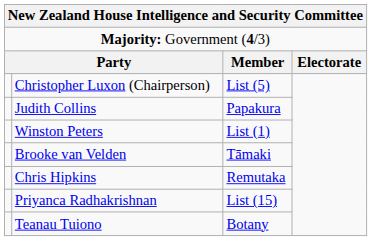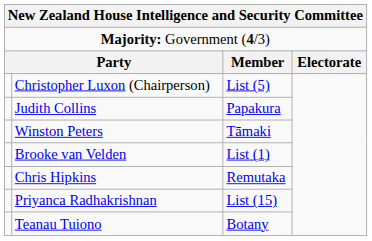 <table class="wikitable">
 <tr>
 <th colspan="4">New Zealand House Intelligence and Security Committee</th>
 </tr>
 <tr>
 <td colspan="4" style="text-align:center; background:"><strong>Majority:</strong> Government (<strong>4</strong>/3)</td>
 </tr>
 <tr>
 <th colspan="2">Party</th>
 <th>Member</th>
 <th>Electorate</th>
 </tr>
 <tr>
 <td></td>
 <td><a href='#'>Christopher Luxon</a> (Chairperson)</td>
 <td><a href='#'>List (5)</a></td>
 </tr>
 <tr>
 <td></td>
 <td><a href='#'>Judith Collins</a></td>
 <td><a href='#'>Papakura</a></td>
 </tr>
 <tr>
 <td></td>
 <td><a href='#'>Winston Peters</a></td>
-<td><a href='#'>List (1)</a></td>
+<td><a href='#'>Tāmaki</a></td>
 </tr>
 <tr>
 <td></td>
 <td><a href='#'>Brooke van Velden</a></td>
-<td><a href='#'>Tāmaki</a></td>
+<td><a href='#'>List (1)</a></td>
 </tr>
 <tr>
 <td></td>
 <td><a href='#'>Chris Hipkins</a></td>
 <td><a href='#'>Remutaka</a></td>
 </tr>
 <tr>
 <td></td>
 <td><a href='#'>Priyanca Radhakrishnan</a></td>
 <td><a href='#'>List (15)</a></td>
 </tr>
 <tr>
 <td></td>
 <td><a href='#'>Teanau Tuiono</a></td>
 <td><a href='#'>Botany</a></td>
 </tr>
 </table>
